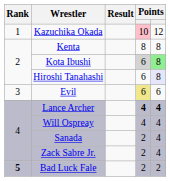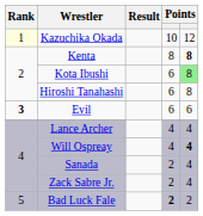 <table class="wikitable mw-collapsible mw-collapsed" plainrowheaders sortable" style="text-align: center">
 <tr>
 <th scope="col" rowspan="2">Rank</th>
 <th scope="col" rowspan="2">Wrestler</th>
 <th scope="col" rowspan="2">Result</th>
 <th scope="col" colspan="2">Points</th>
 </tr>
 <tr>
 <th></th>
 <th></th>
 </tr>
 <tr>
-<td>1</td>
+<td style="background: lightyellow;">1</td>
 <td><a href='#'>Kazuchika Okada</a></td>
 <td></td>
-<td style="background: pink;">10</td>
+<td>10</td>
 <td>12</td>
 </tr>
 <tr>
 <td rowspan="3">2</td>
 <td><a href='#'>Kenta</a></td>
 <td></td>
 <td>8</td>
-<td>8</td>
+<td><strong>8</strong></td>
 </tr>
 <tr>
 <td><a href='#'>Kota Ibushi</a></td>
 <td></td>
-<td style="background: lightgrey;">6</td>
+<td>6</td>
 <td style="background: lightgreen;">8</td>
 </tr>
 <tr>
 <td><a href='#'>Hiroshi Tanahashi</a></td>
 <td></td>
 <td>6</td>
-<td style="background: lavender;">8</td>
+<td>8</td>
 </tr>
 <tr>
-<td>3</td>
+<td><strong>3</strong></td>
 <td><a href='#'>Evil</a></td>
 <td></td>
-<td style="background: khaki;">6</td>
+<td>6</td>
 <td>6</td>
 </tr>
 <tr>
 <td rowspan="4" style="background: #BBBBCC;">4</td>
 <td style="background: #BBBBCC;"><a href='#'>Lance Archer</a></td>
 <td></td>
-<td style="background: #BBBBCC;"><strong>4</strong></td>
-<td style="background: #BBBBCC;"><strong>4</strong></td>
+<td style="background: #BBBBCC;">4</td>
+<td style="background: #BBBBCC;">4</td>
 </tr>
 <tr>
 <td style="background: #BBBBCC;"><a href='#'>Will Ospreay</a></td>
 <td></td>
 <td style="background: #BBBBCC;">4</td>
-<td style="background: #BBBBCC;">4</td>
+<td style="background: #BBBBCC;"><strong>4</strong></td>
 </tr>
 <tr>
 <td style="background: #BBBBCC;"><a href='#'>Sanada</a></td>
 <td></td>
 <td style="background: #BBBBCC;">2</td>
 <td style="background: #BBBBCC;">4</td>
 </tr>
 <tr>
 <td style="background: #BBBBCC;"><a href='#'>Zack Sabre Jr.</a></td>
 <td></td>
 <td style="background: #BBBBCC;">2</td>
 <td style="background: #BBBBCC;">4</td>
 </tr>
 <tr>
-<td style="background: #BBBBCC;"><strong>5</strong></td>
+<td style="background: #BBBBCC;">5</td>
 <td style="background: #BBBBCC;"><a href='#'>Bad Luck Fale</a></td>
 <td></td>
-<td style="background: #BBBBCC;">2</td>
+<td style="background: #BBBBCC;"><strong>2</strong></td>
 <td style="background: #BBBBCC;">2</td>
 </tr>
 </table>
